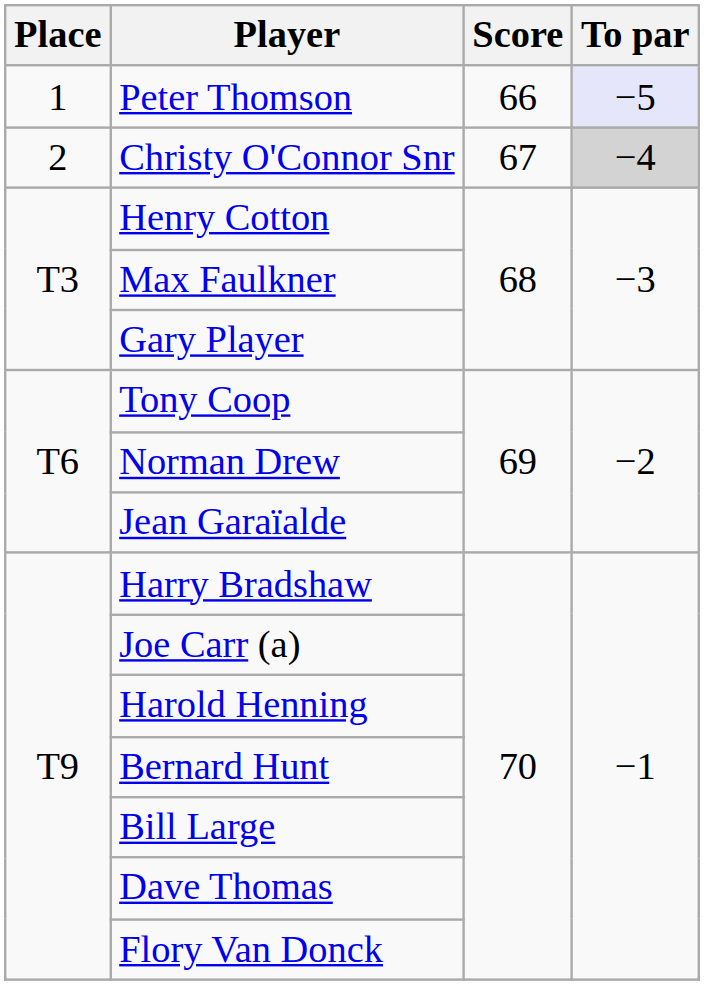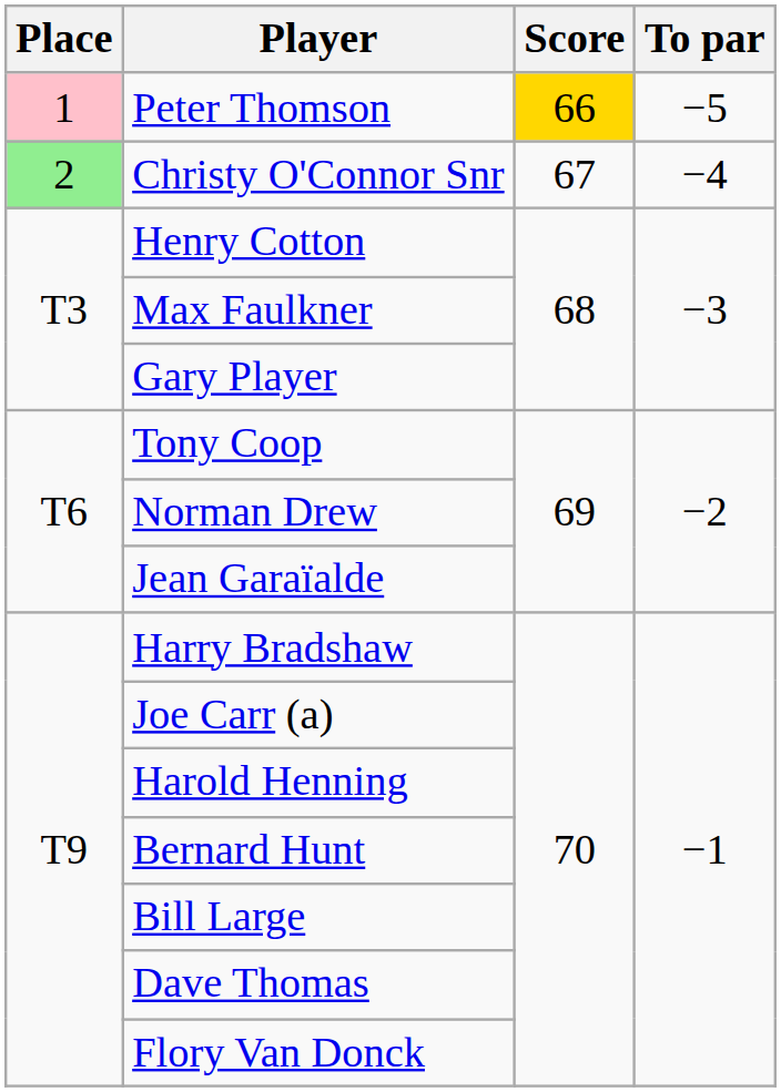 <table class="wikitable">
 <tr>
 <th>Place</th>
 <th>Player</th>
 <th>Score</th>
 <th>To par</th>
 </tr>
 <tr>
-<td align=center>1</td>
+<td align=center style="background: pink;">1</td>
 <td> <a href='#'>Peter Thomson</a></td>
-<td align=center>66</td>
-<td align=center style="background: lavender;">−5</td>
+<td align=center style="background: gold;">66</td>
+<td align=center>−5</td>
 </tr>
 <tr>
-<td align=center>2</td>
+<td align=center style="background: lightgreen;">2</td>
 <td> <a href='#'>Christy O'Connor Snr</a></td>
 <td align=center>67</td>
-<td align=center style="background: lightgrey;">−4</td>
+<td align=center>−4</td>
 </tr>
 <tr>
 <td rowspan="3" align=center>T3</td>
 <td> <a href='#'>Henry Cotton</a></td>
 <td rowspan="3" align=center>68</td>
 <td rowspan="3" align=center>−3</td>
 </tr>
 <tr>
 <td> <a href='#'>Max Faulkner</a></td>
 </tr>
 <tr>
 <td> <a href='#'>Gary Player</a></td>
 </tr>
 <tr>
 <td rowspan="3" align=center>T6</td>
 <td> <a href='#'>Tony Coop</a></td>
 <td rowspan="3" align=center>69</td>
 <td rowspan="3" align=center>−2</td>
 </tr>
 <tr>
 <td> <a href='#'>Norman Drew</a></td>
 </tr>
 <tr>
 <td> <a href='#'>Jean Garaïalde</a></td>
 </tr>
 <tr>
 <td rowspan="7" align=center>T9</td>
 <td> <a href='#'>Harry Bradshaw</a></td>
 <td rowspan="7" align=center>70</td>
 <td rowspan="7" align=center>−1</td>
 </tr>
 <tr>
 <td> <a href='#'>Joe Carr</a> (a)</td>
 </tr>
 <tr>
 <td> <a href='#'>Harold Henning</a></td>
 </tr>
 <tr>
 <td> <a href='#'>Bernard Hunt</a></td>
 </tr>
 <tr>
 <td> <a href='#'>Bill Large</a></td>
 </tr>
 <tr>
 <td> <a href='#'>Dave Thomas</a></td>
 </tr>
 <tr>
 <td> <a href='#'>Flory Van Donck</a></td>
 </tr>
 </table>
